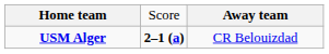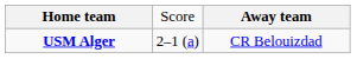 <table class="wikitable" style="text-align:center">
 <tr>
 <th width="150">Home team</th>
 <td>Score</td>
 <th width="150">Away team</th>
 </tr>
 <tr>
 <td><strong><a href='#'>USM Alger</a></strong></td>
-<td><strong>2–1 (<a href='#'>a</a>)</strong></td>
+<td>2–1 (<a href='#'>a</a>)</td>
 <td><a href='#'>CR Belouizdad</a></td>
 </tr>
 </table>
